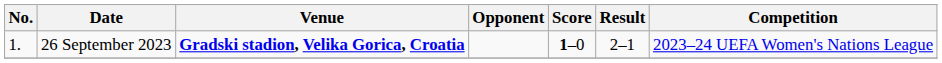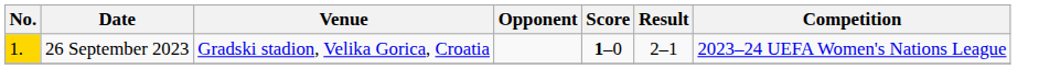 <table class="wikitable">
 <tr>
 <th>No.</th>
 <th>Date</th>
 <th>Venue</th>
 <th>Opponent</th>
 <th>Score</th>
 <th>Result</th>
 <th>Competition</th>
 </tr>
 <tr>
-<td>1.</td>
+<td style="background: gold;">1.</td>
 <td>26 September 2023</td>
-<td><strong><a href='#'>Gradski stadion</a>, <a href='#'>Velika Gorica</a>, <a href='#'>Croatia</a></strong></td>
+<td><a href='#'>Gradski stadion</a>, <a href='#'>Velika Gorica</a>, <a href='#'>Croatia</a></td>
 <td></td>
 <td align=center><strong>1</strong>–0</td>
 <td align=center>2–1</td>
 <td><a href='#'>2023–24 UEFA Women's Nations League</a></td>
 </tr>
 <tr>
 </tr>
 </table>
